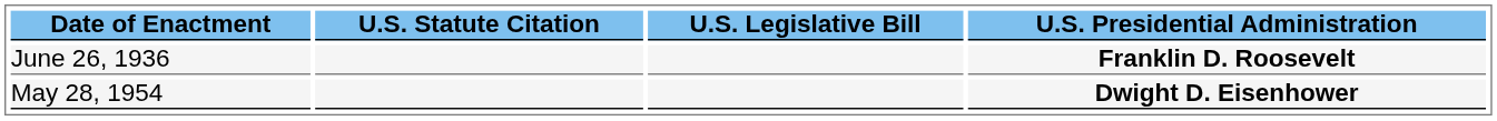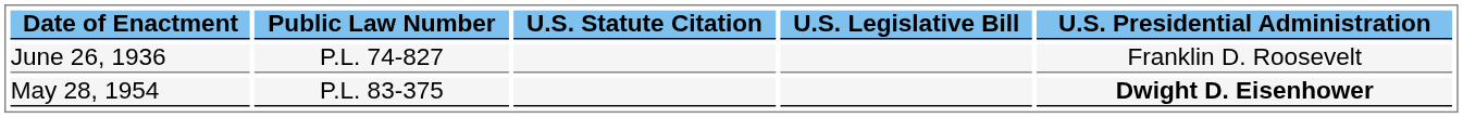 <table style="border:1px solid gray; align:left; width:75%" cellspacing=3 cellpadding=0>
 <tr style="font-weight:bold; text-align:center; background:#7EC0EE; color:black;">
 <th style=" border-bottom:1.5px solid black">Date of Enactment</th>
+<th style=" border-bottom:1.5px solid black">Public Law Number</th>
 <th style=" border-bottom:1.5px solid black">U.S. Statute Citation</th>
 <th style=" border-bottom:1.5px solid black">U.S. Legislative Bill</th>
 <th style=" border-bottom:1.5px solid black">U.S. Presidential Administration</th>
 </tr>
 <tr>
 <td style="border-bottom:1px solid gray; background:#F5F5F5;">June 26, 1936</td>
+<td style="border-bottom:1px solid gray; background:#F5F5F5; text-align:center;">P.L. 74-827</td>
 <td style="border-bottom:1px solid gray; background:#F5F5F5; text-align:center;"></td>
 <td style="border-bottom:1px solid gray; background:#F5F5F5; text-align:center;"></td>
-<td style="border-bottom:1px solid gray; background:#F5F5F5; text-align:center;"><strong>Franklin D. Roosevelt</strong></td>
+<td style="border-bottom:1px solid gray; background:#F5F5F5; text-align:center;">Franklin D. Roosevelt</td>
 </tr>
 <tr>
 <td style="border-bottom:1.5px solid black; background:#F5F5F5;">May 28, 1954</td>
+<td style="border-bottom:1.5px solid black; background:#F5F5F5; text-align:center;">P.L. 83-375</td>
 <td style="border-bottom:1.5px solid black; background:#F5F5F5; text-align:center;"></td>
 <td style="border-bottom:1.5px solid black; background:#F5F5F5; text-align:center;"></td>
 <td style="border-bottom:1.5px solid black; background:#F5F5F5; text-align:center;"><strong>Dwight D. Eisenhower</strong></td>
 </tr>
 </table>
